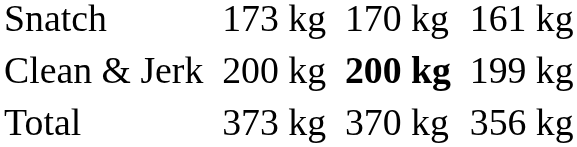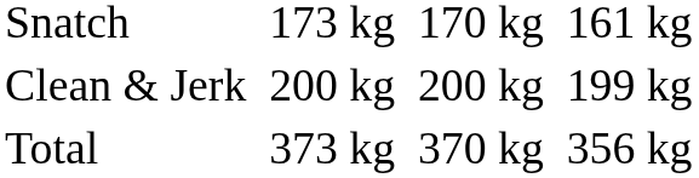 <table>
 <tr>
 <td>Snatch</td>
 <td></td>
 <td>173 kg</td>
 <td></td>
 <td>170 kg</td>
 <td></td>
 <td>161 kg</td>
 </tr>
 <tr>
 <td>Clean & Jerk</td>
 <td></td>
 <td>200 kg</td>
 <td></td>
-<td><strong>200 kg</strong></td>
+<td>200 kg</td>
 <td></td>
 <td>199 kg</td>
 </tr>
 <tr>
 <td>Total</td>
 <td></td>
 <td>373 kg</td>
 <td></td>
 <td>370 kg</td>
 <td></td>
 <td>356 kg</td>
 </tr>
 </table>
